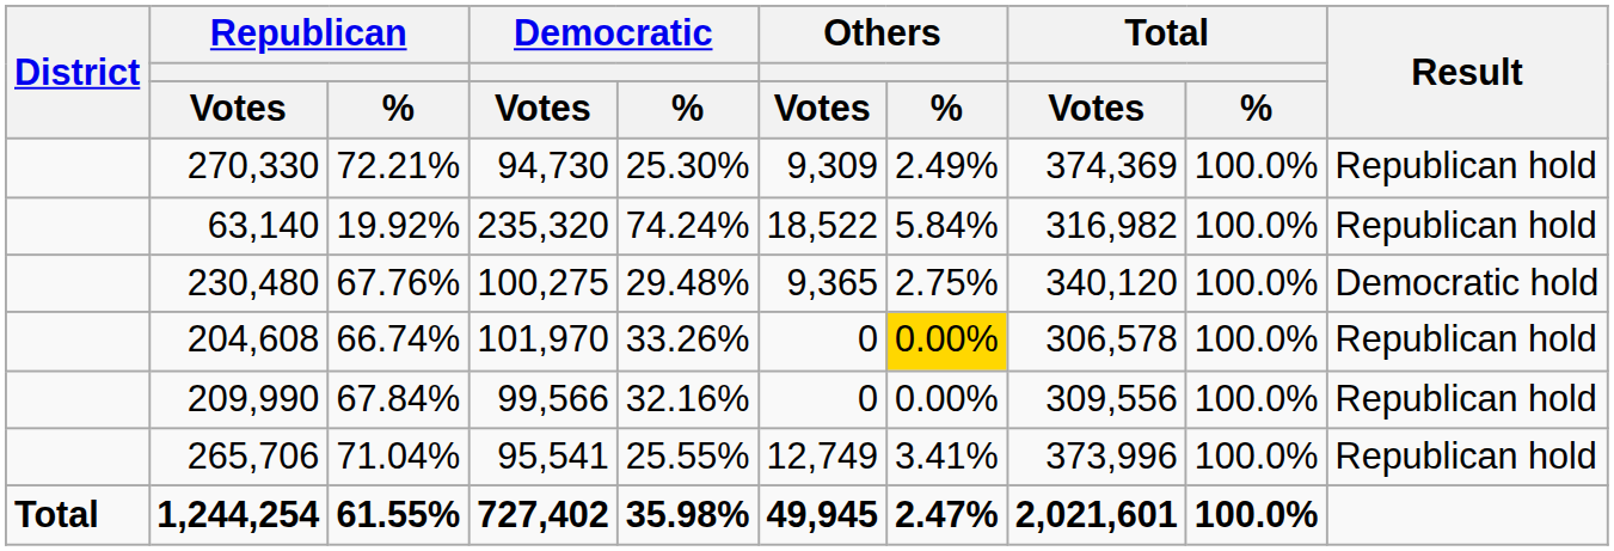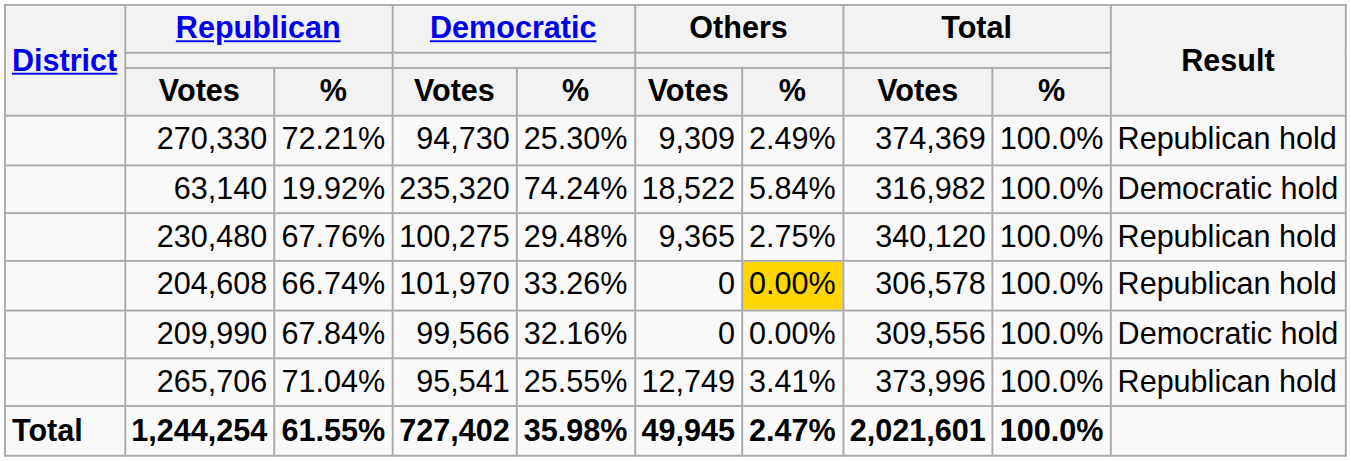 <table class="wikitable plainrowheaders sortable" style="font-size:100%; text-align:right;">
 <tr>
 <th scope=col rowspan=3><a href='#'>District</a></th>
 <th scope=col colspan=2><a href='#'>Republican</a></th>
 <th scope=col colspan=2><a href='#'>Democratic</a></th>
 <th scope=col colspan=2>Others</th>
 <th scope=col colspan=2>Total</th>
 <th scope=col rowspan=3>Result</th>
 </tr>
 <tr>
 <th scope=col colspan=2 style="background:"></th>
 <th scope=col colspan=2 style="background:"></th>
 <th scope=col colspan=2></th>
 <th scope=col colspan=2></th>
 </tr>
 <tr>
 <th scope=col data-sort-type="number">Votes</th>
 <th scope=col data-sort-type="number">%</th>
 <th scope=col data-sort-type="number">Votes</th>
 <th scope=col data-sort-type="number">%</th>
 <th scope=col data-sort-type="number">Votes</th>
 <th scope=col data-sort-type="number">%</th>
 <th scope=col data-sort-type="number">Votes</th>
 <th scope=col data-sort-type="number">%</th>
 </tr>
 <tr>
 <td align=left></td>
 <td>270,330</td>
 <td>72.21%</td>
 <td>94,730</td>
 <td>25.30%</td>
 <td>9,309</td>
 <td>2.49%</td>
 <td>374,369</td>
 <td>100.0%</td>
 <td align=left>Republican hold</td>
 </tr>
 <tr>
 <td align=left></td>
 <td>63,140</td>
 <td>19.92%</td>
 <td>235,320</td>
 <td>74.24%</td>
 <td>18,522</td>
 <td>5.84%</td>
 <td>316,982</td>
 <td>100.0%</td>
-<td align=left>Republican hold</td>
+<td align=left>Democratic hold</td>
 </tr>
 <tr>
 <td align=left></td>
 <td>230,480</td>
 <td>67.76%</td>
 <td>100,275</td>
 <td>29.48%</td>
 <td>9,365</td>
 <td>2.75%</td>
 <td>340,120</td>
 <td>100.0%</td>
-<td align=left>Democratic hold</td>
+<td align=left>Republican hold</td>
 </tr>
 <tr>
 <td align=left></td>
 <td>204,608</td>
 <td>66.74%</td>
 <td>101,970</td>
 <td>33.26%</td>
 <td>0</td>
 <td style="background: gold;">0.00%</td>
 <td>306,578</td>
 <td>100.0%</td>
 <td align=left>Republican hold</td>
 </tr>
 <tr>
 <td align=left></td>
 <td>209,990</td>
 <td>67.84%</td>
 <td>99,566</td>
 <td>32.16%</td>
 <td>0</td>
 <td>0.00%</td>
 <td>309,556</td>
 <td>100.0%</td>
-<td align=left>Republican hold</td>
+<td align=left>Democratic hold</td>
 </tr>
 <tr>
 <td align=left></td>
 <td>265,706</td>
 <td>71.04%</td>
 <td>95,541</td>
 <td>25.55%</td>
 <td>12,749</td>
 <td>3.41%</td>
 <td>373,996</td>
 <td>100.0%</td>
 <td align=left>Republican hold</td>
 </tr>
 <tr class="sortbottom" style="font-weight:bold">
 <td align=left>Total</td>
 <td>1,244,254</td>
 <td>61.55%</td>
 <td>727,402</td>
 <td>35.98%</td>
 <td>49,945</td>
 <td>2.47%</td>
 <td>2,021,601</td>
 <td>100.0%</td>
 <td></td>
 </tr>
 </table>
